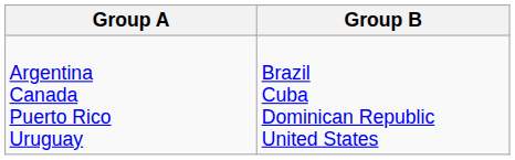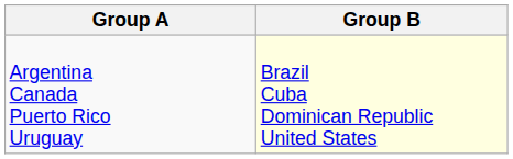 <table class=wikitable style="font-size: ;">
 <tr>
 <th width=200px>Group A</th>
 <th width=200px>Group B</th>
 </tr>
 <tr>
 <td><br> <a href='#'>Argentina</a> <br>  <a href='#'>Canada</a> <br>  <a href='#'>Puerto Rico</a> <br>  <a href='#'>Uruguay</a><br></td>
-<td><br> <a href='#'>Brazil</a> <br>  <a href='#'>Cuba</a> <br>  <a href='#'>Dominican Republic</a> <br>  <a href='#'>United States</a> <br></td>
+<td style="background: lightyellow;"><br> <a href='#'>Brazil</a> <br>  <a href='#'>Cuba</a> <br>  <a href='#'>Dominican Republic</a> <br>  <a href='#'>United States</a> <br></td>
 </tr>
 </table>
